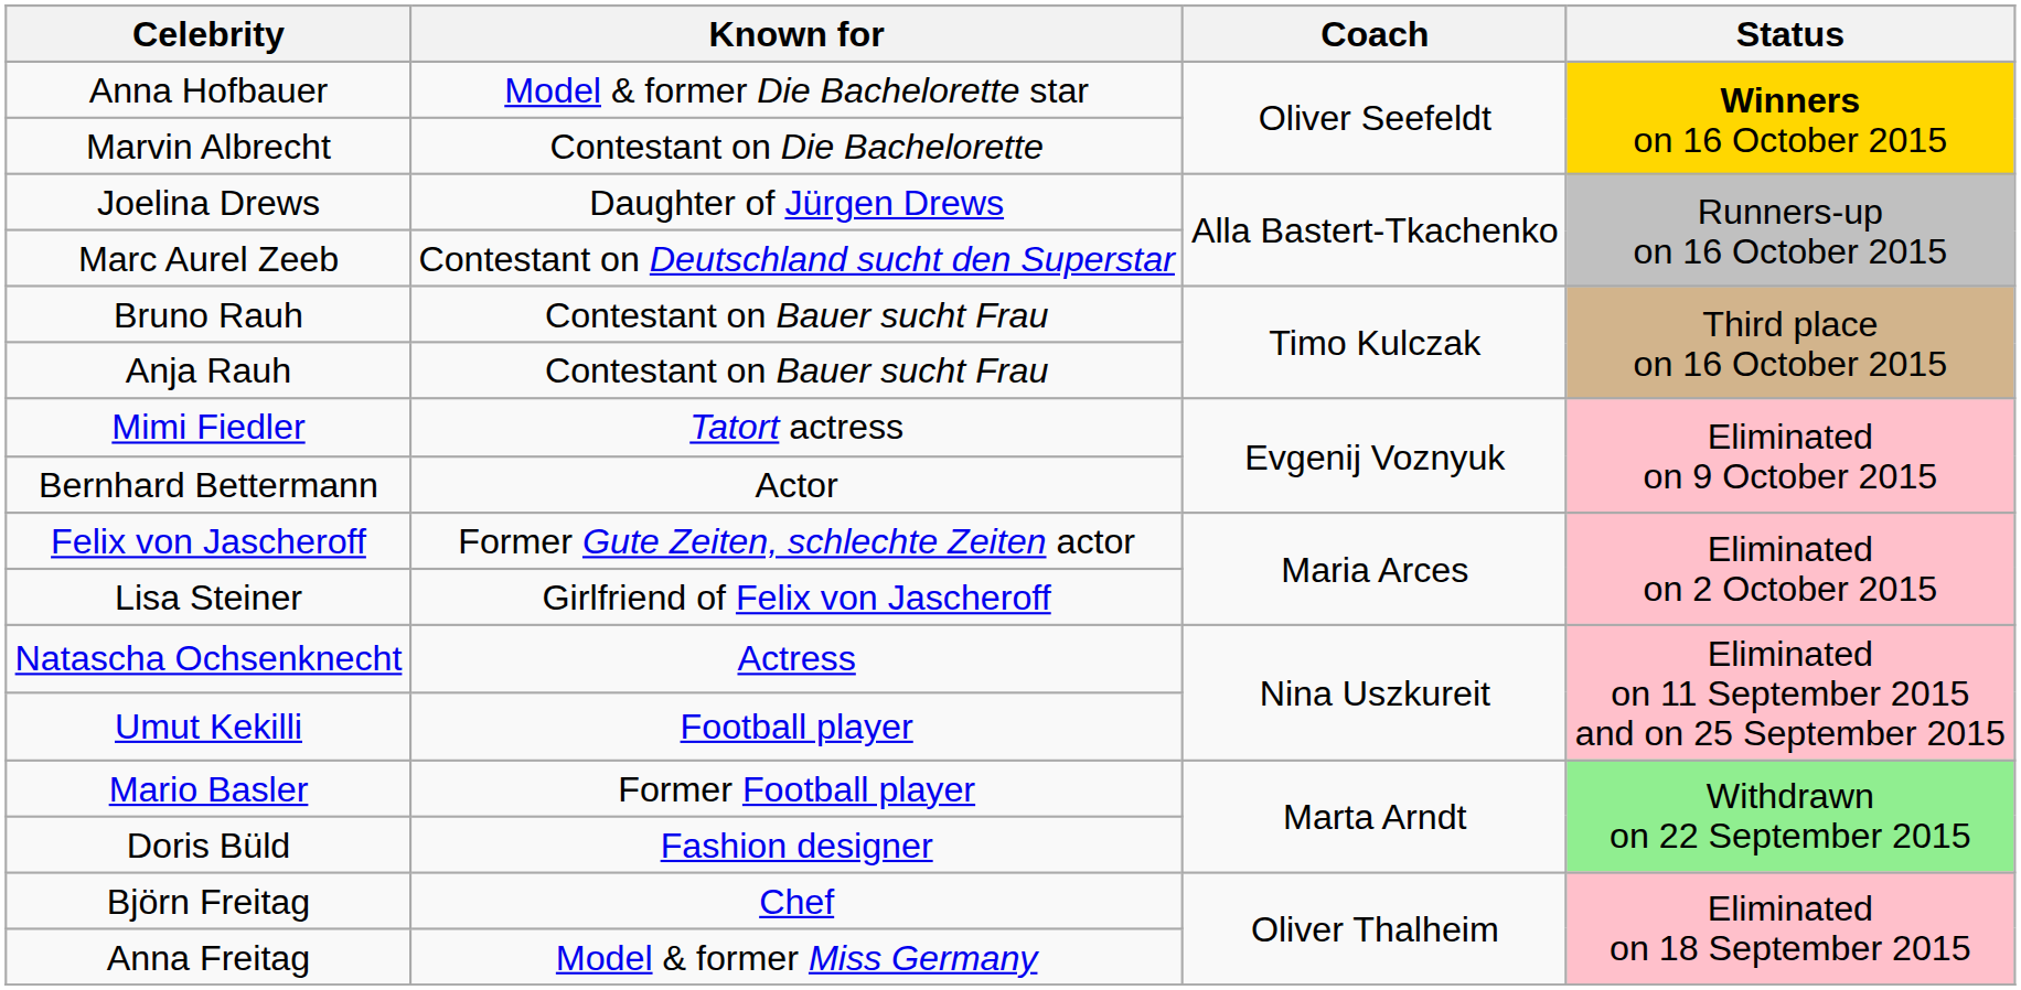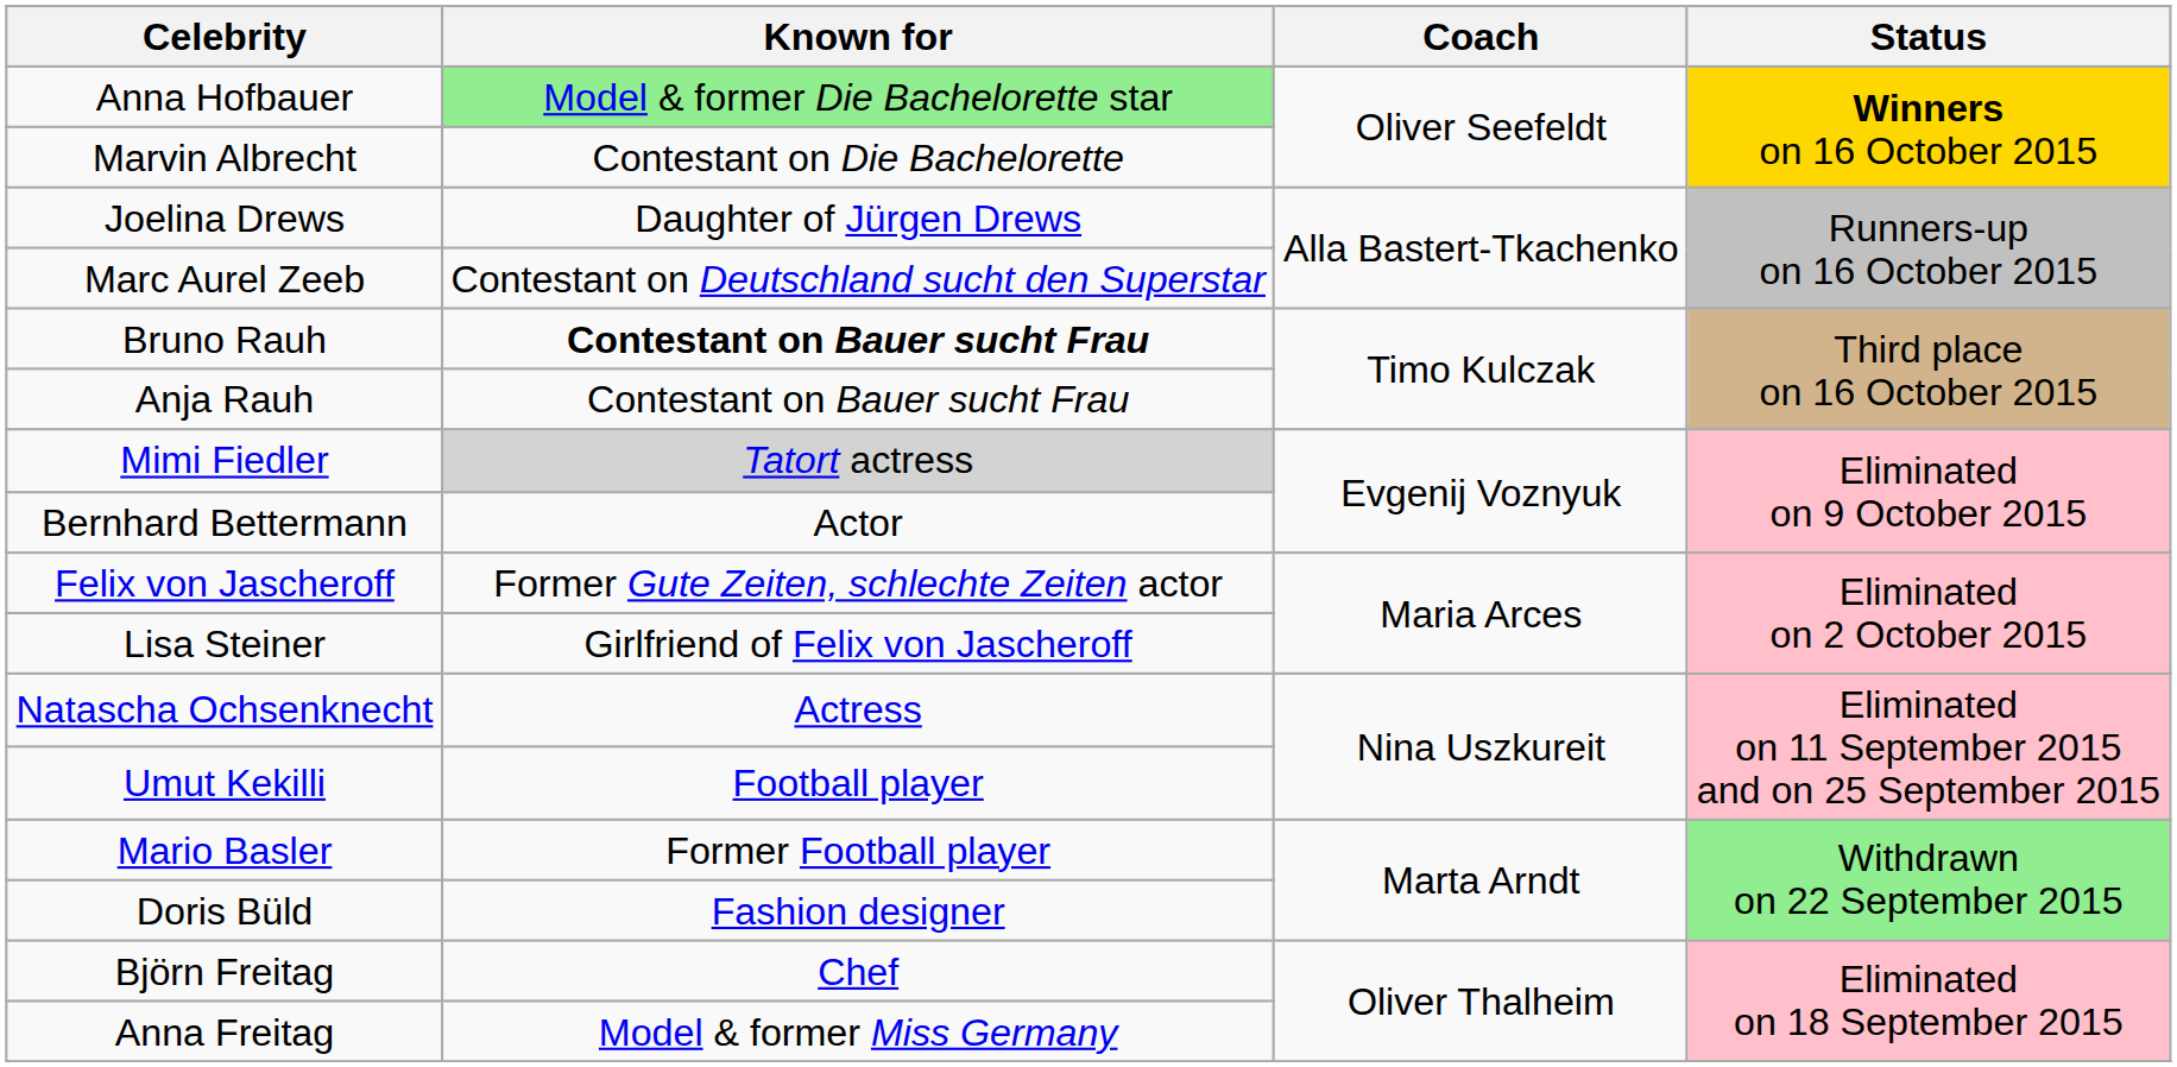 <table class="wikitable" style="margin:auto; text-align:center; font-size:95%;">
 <tr>
 <th>Celebrity</th>
 <th>Known for</th>
 <th>Coach</th>
 <th>Status</th>
 </tr>
 <tr>
 <td>Anna Hofbauer</td>
-<td><a href='#'>Model</a> & former <em>Die Bachelorette</em> star</td>
+<td style="background: lightgreen;"><a href='#'>Model</a> & former <em>Die Bachelorette</em> star</td>
 <td rowspan="2">Oliver Seefeldt</td>
 <td style="background:gold;" rowspan="2"><strong>Winners</strong> <br> on 16 October 2015</td>
 </tr>
 <tr>
 <td>Marvin Albrecht</td>
 <td>Contestant on <em>Die Bachelorette</em></td>
 </tr>
 <tr>
 <td>Joelina Drews</td>
 <td>Daughter of <a href='#'>Jürgen Drews</a></td>
 <td rowspan="2">Alla Bastert-Tkachenko</td>
 <td style="background:silver;" rowspan="2">Runners-up <br> on 16 October 2015</td>
 </tr>
 <tr>
 <td>Marc Aurel Zeeb</td>
 <td>Contestant on <em><a href='#'>Deutschland sucht den Superstar</a></em></td>
 </tr>
 <tr>
 <td>Bruno Rauh</td>
-<td>Contestant on <em>Bauer sucht Frau</em></td>
+<td><strong>Contestant on <em>Bauer sucht Frau</em></strong></td>
 <td rowspan="2">Timo Kulczak</td>
 <td style="background:tan;" rowspan="2">Third place <br> on 16 October 2015</td>
 </tr>
 <tr>
 <td>Anja Rauh</td>
 <td>Contestant on <em>Bauer sucht Frau</em></td>
 </tr>
 <tr>
 <td><a href='#'>Mimi Fiedler</a></td>
-<td><em><a href='#'>Tatort</a></em> actress</td>
+<td style="background: lightgrey;"><em><a href='#'>Tatort</a></em> actress</td>
 <td rowspan="2">Evgenij Voznyuk</td>
 <td style="background:pink;" rowspan="2">Eliminated <br> on 9 October 2015</td>
 </tr>
 <tr>
 <td>Bernhard Bettermann</td>
 <td>Actor</td>
 </tr>
 <tr>
 <td><a href='#'>Felix von Jascheroff</a></td>
 <td>Former <em><a href='#'>Gute Zeiten, schlechte Zeiten</a></em> actor</td>
 <td rowspan="2">Maria Arces</td>
 <td style="background:pink;" rowspan="2">Eliminated <br> on 2 October 2015</td>
 </tr>
 <tr>
 <td>Lisa Steiner</td>
 <td>Girlfriend of <a href='#'>Felix von Jascheroff</a></td>
 </tr>
 <tr>
 <td><a href='#'>Natascha Ochsenknecht</a></td>
 <td><a href='#'>Actress</a></td>
 <td rowspan="2">Nina Uszkureit</td>
 <td style="background:pink;" rowspan="2">Eliminated <br> on 11 September 2015 <br>and on 25 September 2015</td>
 </tr>
 <tr>
 <td><a href='#'>Umut Kekilli</a></td>
 <td><a href='#'>Football player</a></td>
 </tr>
 <tr>
 <td><a href='#'>Mario Basler</a></td>
 <td>Former <a href='#'>Football player</a></td>
 <td rowspan="2">Marta Arndt</td>
 <td style="background:lightgreen;" rowspan="2">Withdrawn<br> on 22 September 2015</td>
 </tr>
 <tr>
 <td>Doris Büld</td>
 <td><a href='#'>Fashion designer</a></td>
 </tr>
 <tr>
 <td>Björn Freitag</td>
 <td><a href='#'>Chef</a></td>
 <td rowspan="2">Oliver Thalheim</td>
 <td style="background:pink;" rowspan="2">Eliminated <br> on 18 September 2015</td>
 </tr>
 <tr>
 <td>Anna Freitag</td>
 <td><a href='#'>Model</a> & former <em><a href='#'>Miss Germany</a></em></td>
 </tr>
 <tr>
 </tr>
 </table>
